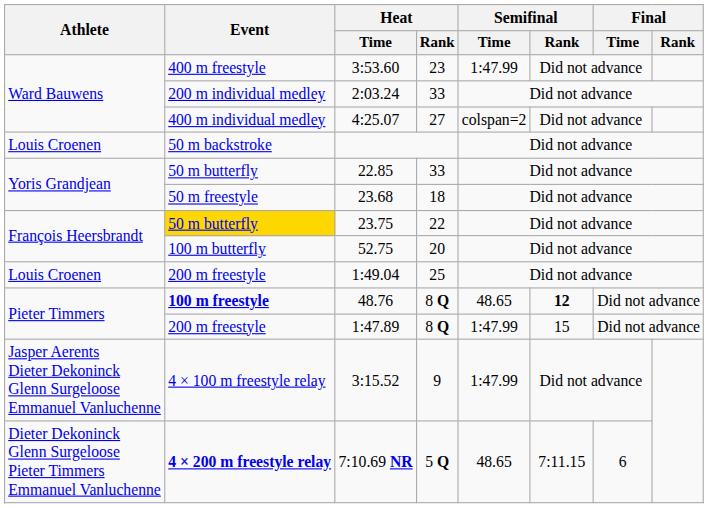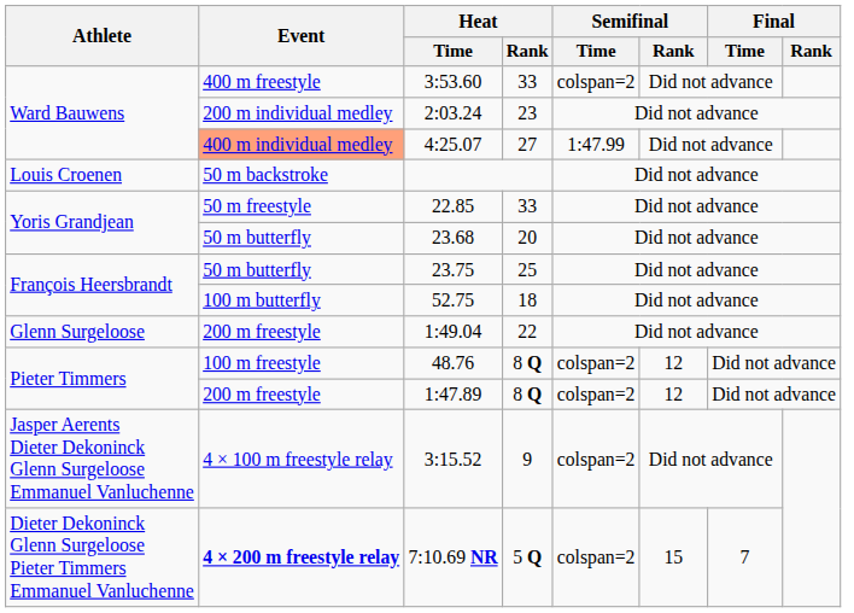 <table class=wikitable style="font-size:90%">
 <tr>
 <th rowspan="2">Athlete</th>
 <th rowspan="2">Event</th>
 <th colspan="2">Heat</th>
 <th colspan="2">Semifinal</th>
 <th colspan="2">Final</th>
 </tr>
 <tr style="font-size:95%">
 <th>Time</th>
 <th>Rank</th>
 <th>Time</th>
 <th>Rank</th>
 <th>Time</th>
 <th>Rank</th>
 </tr>
 <tr align=center>
 <td align=left rowspan=3><a href='#'>Ward Bauwens</a></td>
 <td align=left><a href='#'>400 m freestyle</a></td>
 <td>3:53.60</td>
-<td>23</td>
-<td>1:47.99</td>
+<td>33</td>
+<td>colspan=2 </td>
 <td colspan=2>Did not advance</td>
 </tr>
 <tr align=center>
 <td align=left><a href='#'>200 m individual medley</a></td>
 <td>2:03.24</td>
-<td>33</td>
+<td>23</td>
 <td colspan=4>Did not advance</td>
 </tr>
 <tr align=center>
-<td align=left><a href='#'>400 m individual medley</a></td>
+<td align=left style="background: lightsalmon;"><a href='#'>400 m individual medley</a></td>
 <td>4:25.07</td>
 <td>27</td>
-<td>colspan=2 </td>
+<td>1:47.99</td>
 <td colspan=2>Did not advance</td>
 </tr>
 <tr align=center>
 <td align=left><a href='#'>Louis Croenen</a></td>
 <td align=left><a href='#'>50 m backstroke</a></td>
 <td colspan=2></td>
 <td colspan=4>Did not advance</td>
 </tr>
 <tr align=center>
 <td align=left rowspan=2><a href='#'>Yoris Grandjean</a></td>
-<td align=left><a href='#'>50 m butterfly</a></td>
+<td align=left><a href='#'>50 m freestyle</a></td>
 <td>22.85</td>
 <td>33</td>
 <td colspan=4>Did not advance</td>
 </tr>
 <tr align=center>
-<td align=left><a href='#'>50 m freestyle</a></td>
+<td align=left><a href='#'>50 m butterfly</a></td>
 <td>23.68</td>
-<td>18</td>
+<td>20</td>
 <td colspan=4>Did not advance</td>
 </tr>
 <tr align=center>
 <td align=left rowspan=2><a href='#'>François Heersbrandt</a></td>
-<td align=left style="background: gold;"><a href='#'>50 m butterfly</a></td>
+<td align=left><a href='#'>50 m butterfly</a></td>
 <td>23.75</td>
-<td>22</td>
+<td>25</td>
 <td colspan=4>Did not advance</td>
 </tr>
 <tr align=center>
 <td align=left><a href='#'>100 m butterfly</a></td>
 <td>52.75</td>
-<td>20</td>
+<td>18</td>
 <td colspan=4>Did not advance</td>
 </tr>
 <tr align=center>
-<td align=left><a href='#'>Louis Croenen</a></td>
+<td align=left><a href='#'>Glenn Surgeloose</a></td>
 <td align=left><a href='#'>200 m freestyle</a></td>
 <td>1:49.04</td>
-<td>25</td>
+<td>22</td>
 <td colspan=4>Did not advance</td>
 </tr>
 <tr align=center>
 <td align=left rowspan=2><a href='#'>Pieter Timmers</a></td>
-<td align=left><strong><a href='#'>100 m freestyle</a></strong></td>
+<td align=left><a href='#'>100 m freestyle</a></td>
 <td>48.76</td>
 <td>8 <strong>Q</strong></td>
-<td>48.65</td>
-<td><strong>12</strong></td>
+<td>colspan=2 </td>
+<td>12</td>
 <td colspan=2>Did not advance</td>
 </tr>
 <tr align=center>
 <td align=left><a href='#'>200 m freestyle</a></td>
 <td>1:47.89</td>
 <td>8 <strong>Q</strong></td>
-<td>1:47.99</td>
-<td>15</td>
+<td>colspan=2 </td>
+<td>12</td>
 <td colspan=2>Did not advance</td>
 </tr>
 <tr align=center>
 <td align=left><a href='#'>Jasper Aerents</a><br><a href='#'>Dieter Dekoninck</a><br><a href='#'>Glenn Surgeloose</a><br><a href='#'>Emmanuel Vanluchenne</a></td>
 <td align=left><a href='#'>4 × 100 m freestyle relay</a></td>
 <td>3:15.52</td>
 <td>9</td>
-<td>1:47.99</td>
+<td>colspan=2 </td>
 <td colspan=2>Did not advance</td>
 </tr>
 <tr align=center>
 <td align=left><a href='#'>Dieter Dekoninck</a><br><a href='#'>Glenn Surgeloose</a><br><a href='#'>Pieter Timmers</a><br><a href='#'>Emmanuel Vanluchenne</a></td>
 <td align=left><strong><a href='#'>4 × 200 m freestyle relay</a></strong></td>
 <td>7:10.69 <strong><a href='#'>NR</a></strong></td>
 <td>5 <strong>Q</strong></td>
-<td>48.65</td>
-<td>7:11.15</td>
-<td>6</td>
+<td>colspan=2 </td>
+<td>15</td>
+<td>7</td>
 </tr>
 </table>
